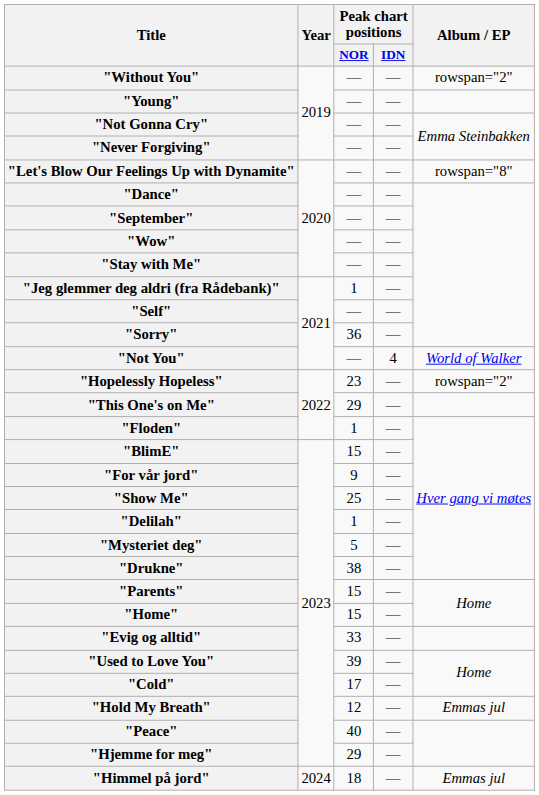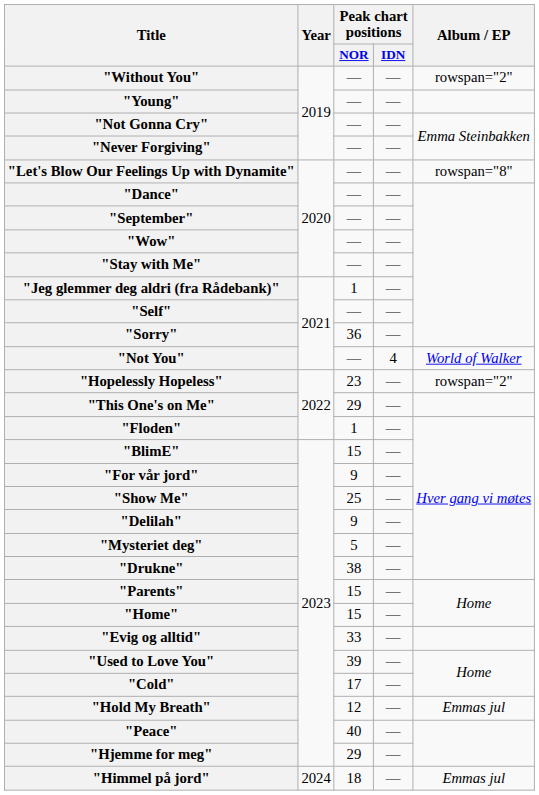 <table class="wikitable plainrowheaders" style="text-align:center">
 <tr>
 <th scope="col" rowspan="2">Title</th>
 <th scope="col" rowspan="2">Year</th>
 <th scope="col" colspan="2">Peak chart positions</th>
 <th scope="col" rowspan="2">Album / EP</th>
 </tr>
 <tr>
 <th scope="col" style="width:2.5em;font-size:90%;"><a href='#'>NOR</a></th>
 <th scope="col" style="width:2.5em;font-size:90%;"><a href='#'>IDN</a><br></th>
 </tr>
 <tr>
 <th scope="row">"Without You"</th>
 <td rowspan="4">2019</td>
 <td>—</td>
 <td>—</td>
 <td>rowspan="2" </td>
 </tr>
 <tr>
 <th scope="row">"Young"</th>
 <td>—</td>
 <td>—</td>
 </tr>
 <tr>
 <th scope="row">"Not Gonna Cry"</th>
 <td>—</td>
 <td>—</td>
 <td rowspan="2"><em>Emma Steinbakken</em></td>
 </tr>
 <tr>
 <th scope="row">"Never Forgiving"</th>
 <td>—</td>
 <td>—</td>
 </tr>
 <tr>
 <th scope="row">"Let's Blow Our Feelings Up with Dynamite"</th>
 <td rowspan="5">2020</td>
 <td>—</td>
 <td>—</td>
 <td>rowspan="8" </td>
 </tr>
 <tr>
 <th scope="row">"Dance"</th>
 <td>—</td>
 <td>—</td>
 </tr>
 <tr>
 <th scope="row">"September"</th>
 <td>—</td>
 <td>—</td>
 </tr>
 <tr>
 <th scope="row">"Wow"<br></th>
 <td>—</td>
 <td>—</td>
 </tr>
 <tr>
 <th scope="row">"Stay with Me"<br></th>
 <td>—</td>
 <td>—</td>
 </tr>
 <tr>
 <th scope="row">"Jeg glemmer deg aldri (fra Rådebank)"</th>
 <td rowspan="4">2021</td>
 <td>1</td>
 <td>—</td>
 </tr>
 <tr>
 <th scope="row">"Self"</th>
 <td>—</td>
 <td>—</td>
 </tr>
 <tr>
 <th scope="row">"Sorry"</th>
 <td>36</td>
 <td>—</td>
 </tr>
 <tr>
 <th scope="row">"Not You"<br></th>
 <td>—</td>
 <td>4</td>
 <td><em><a href='#'>World of Walker</a></em></td>
 </tr>
 <tr>
 <th scope="row">"Hopelessly Hopeless"</th>
 <td rowspan="3">2022</td>
 <td>23<br></td>
 <td>—</td>
 <td>rowspan="2" </td>
 </tr>
 <tr>
 <th scope="row">"This One's on Me"</th>
 <td>29<br></td>
 <td>—</td>
 </tr>
 <tr>
 <th scope="row">"Floden"</th>
 <td>1<br></td>
 <td>—</td>
 <td rowspan="7"><em><a href='#'>Hver gang vi møtes</a></em></td>
 </tr>
 <tr>
 <th scope="row">"BlimE"</th>
 <td rowspan="14">2023</td>
 <td>15<br></td>
 <td>—</td>
 </tr>
 <tr>
 <th scope="row">"For vår jord"</th>
 <td>9<br></td>
 <td>—</td>
 </tr>
 <tr>
 <th scope="row">"Show Me"</th>
 <td>25<br></td>
 <td>—</td>
 </tr>
 <tr>
 <th scope="row">"Delilah"</th>
-<td>1<br></td>
+<td>9<br></td>
 <td>—</td>
 </tr>
 <tr>
 <th scope="row">"Mysteriet deg"</th>
 <td>5<br></td>
 <td>—</td>
 </tr>
 <tr>
 <th scope="row">"Drukne"<br></th>
 <td>38<br></td>
 <td>—</td>
 </tr>
 <tr>
 <th scope="row">"Parents"</th>
 <td>15<br></td>
 <td>—</td>
 <td rowspan="2"><em>Home</em></td>
 </tr>
 <tr>
 <th scope="row">"Home"</th>
 <td>15<br></td>
 <td>—</td>
 </tr>
 <tr>
 <th scope="row">"Evig og alltid"<br></th>
 <td>33<br></td>
 <td>—</td>
 <td></td>
 </tr>
 <tr>
 <th scope="row">"Used to Love You"</th>
 <td>39<br></td>
 <td>—</td>
 <td rowspan="2"><em>Home</em></td>
 </tr>
 <tr>
 <th scope="row">"Cold"</th>
 <td>17<br></td>
 <td>—</td>
 </tr>
 <tr>
 <th scope="row">"Hold My Breath"</th>
 <td>12<br></td>
 <td>—</td>
 <td><em>Emmas jul</em></td>
 </tr>
 <tr>
 <th scope="row">"Peace"</th>
 <td>40<br></td>
 <td>—</td>
 </tr>
 <tr>
 <th scope="row">"Hjemme for meg"</th>
 <td>29<br></td>
 <td>—</td>
 </tr>
 <tr>
 <th scope="row">"Himmel på jord"</th>
 <td>2024</td>
 <td>18<br></td>
 <td>—</td>
 <td><em>Emmas jul</em></td>
 </tr>
 </table>
